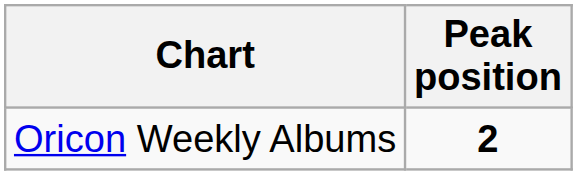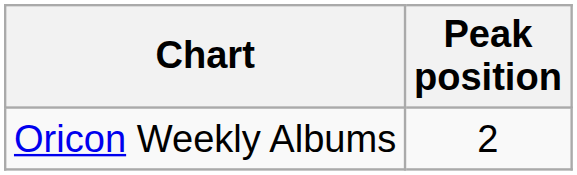 <table class="wikitable">
 <tr>
 <th>Chart</th>
 <th>Peak<br>position</th>
 </tr>
 <tr>
 <td align="left"><a href='#'>Oricon</a> Weekly Albums</td>
-<td align="center"><strong>2</strong></td>
+<td align="center">2</td>
 </tr>
 </table>
